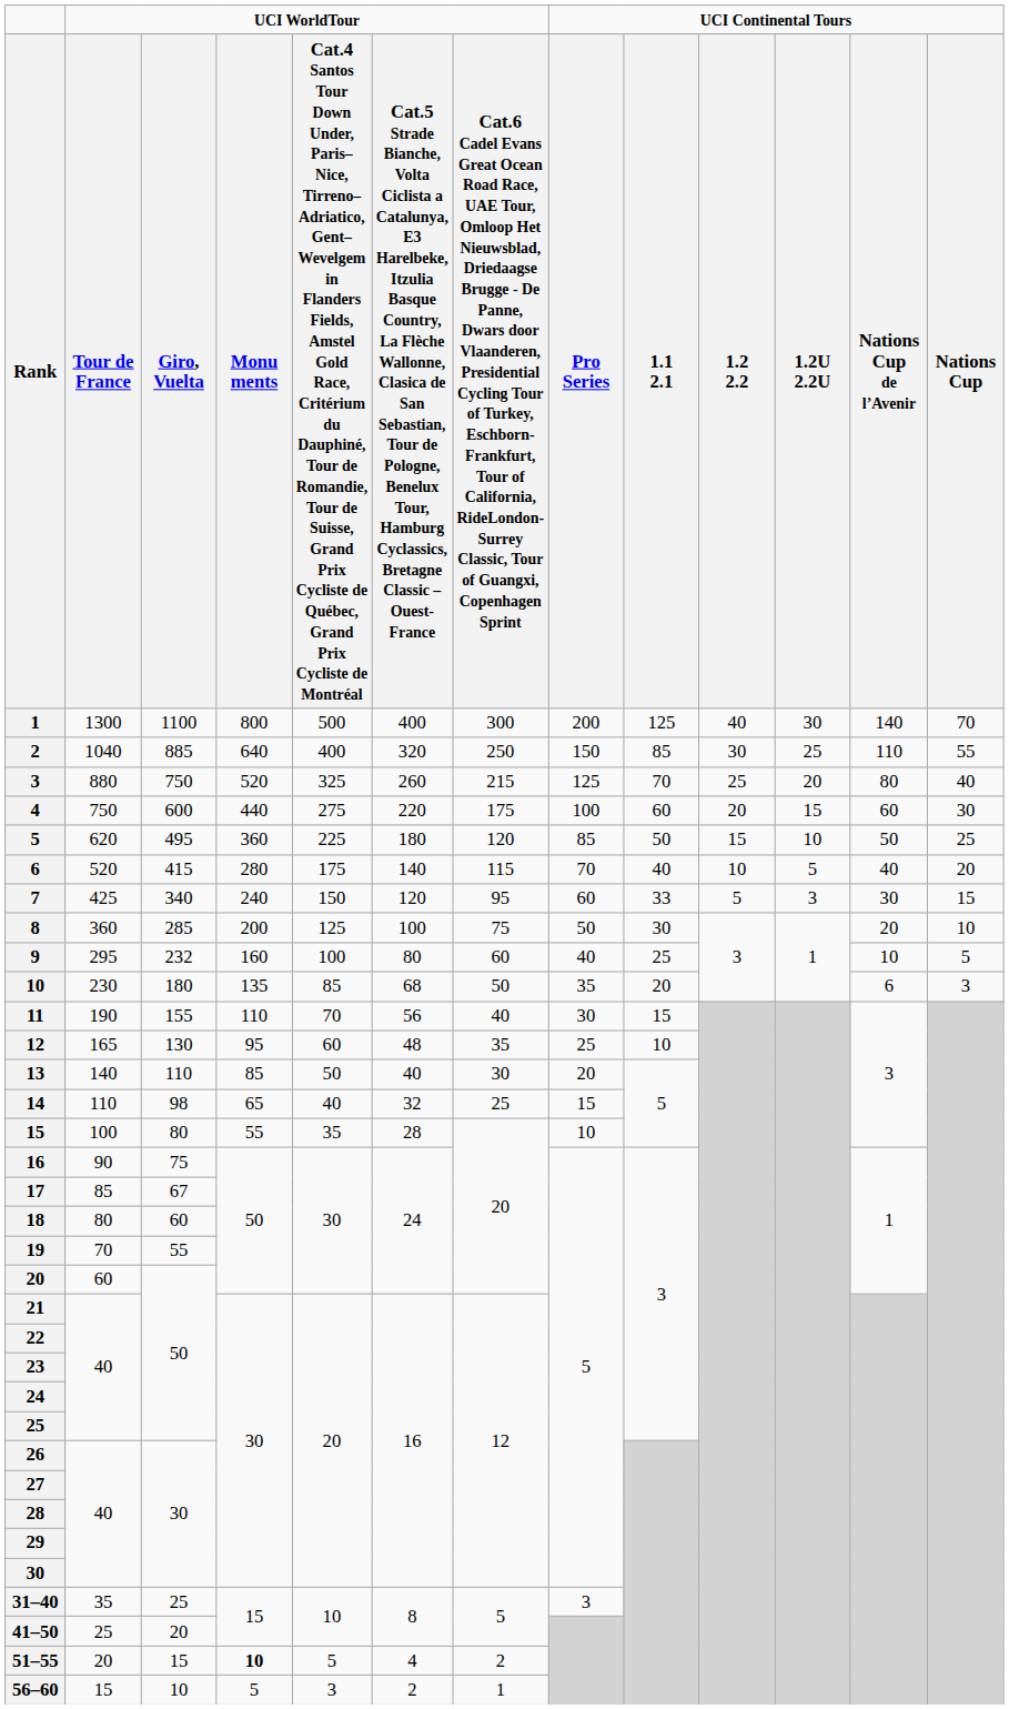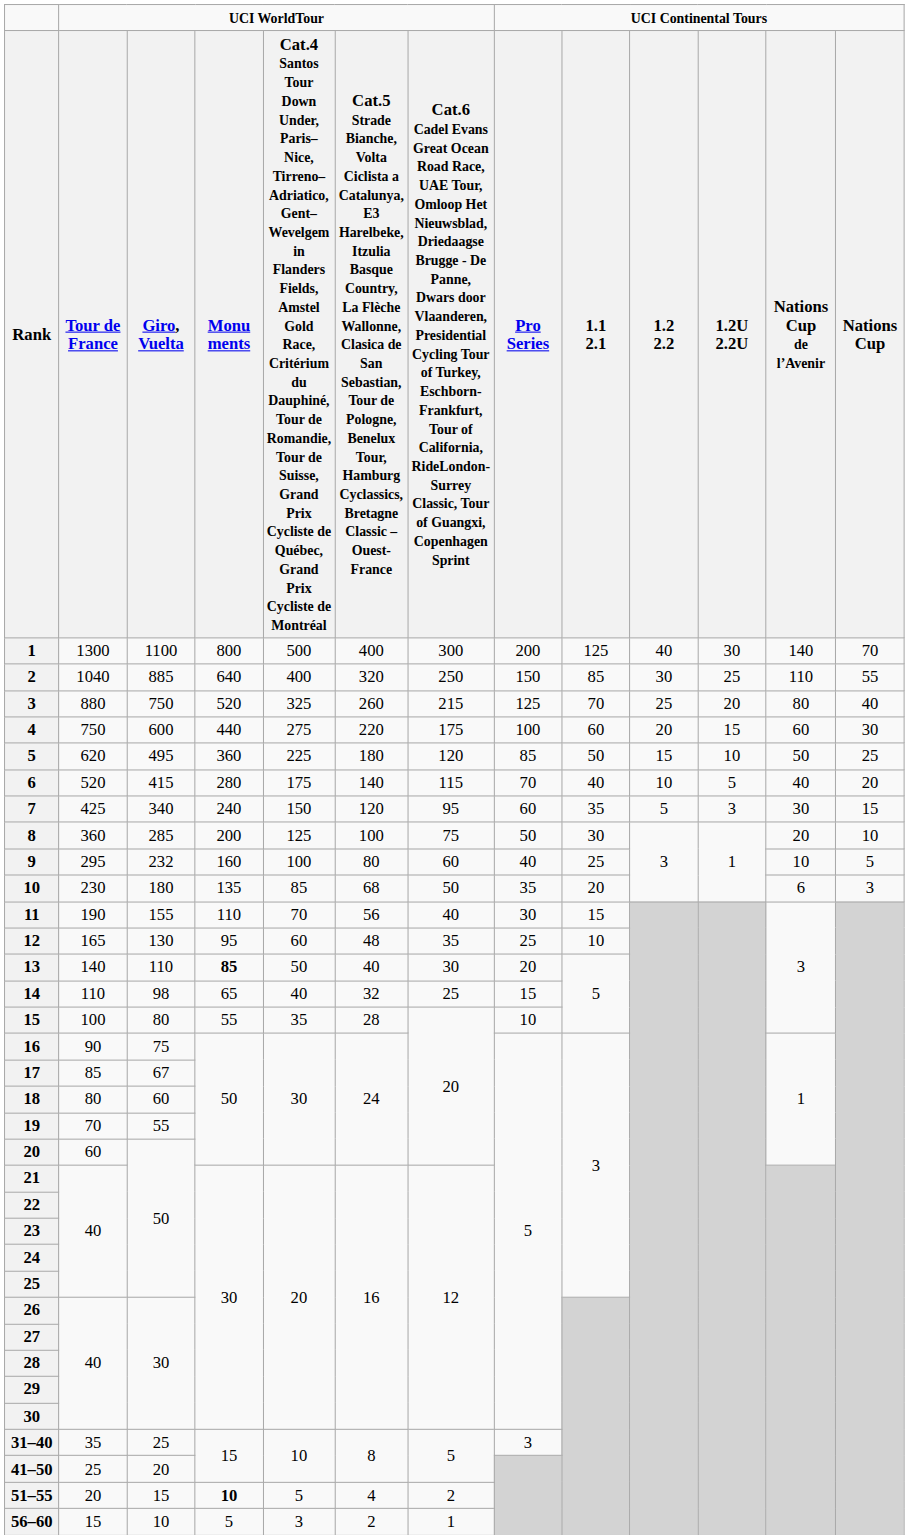 <table class="wikitable">
 <tr>
 <td></td>
 <td colspan=6 style="text-align:center"><small><strong>UCI WorldTour</strong></small></td>
 <td colspan=6 style="text-align:center"><small><strong>UCI Continental Tours</strong></small></td>
 </tr>
 <tr>
 <th width=45px>Rank</th>
 <th width=58px><a href='#'>Tour de<br>France</a></th>
 <th width=58px><a href='#'>Giro</a>,<br><a href='#'>Vuelta</a></th>
 <th width=58px><a href='#'>Monu<br>ments</a></th>
 <th width=58px>Cat.4<br><small> Santos Tour Down Under, Paris–Nice, Tirreno–Adriatico, Gent–Wevelgem in Flanders Fields, Amstel Gold Race, Critérium du Dauphiné, Tour de Romandie, Tour de Suisse, Grand Prix Cycliste de Québec, Grand Prix Cycliste de Montréal </small></th>
 <th width=58px>Cat.5<br><small> Strade Bianche, Volta Ciclista a Catalunya, E3 Harelbeke, Itzulia Basque Country, La Flèche Wallonne, Clasica de San Sebastian, Tour de Pologne, Benelux Tour, Hamburg Cyclassics, Bretagne Classic – Ouest-France </small></th>
 <th width=58px>Cat.6<br><small> Cadel Evans Great Ocean Road Race, UAE Tour, Omloop Het Nieuwsblad, Driedaagse Brugge - De Panne, Dwars door Vlaanderen, Presidential Cycling Tour of Turkey, Eschborn-Frankfurt, Tour of California, RideLondon-Surrey Classic, Tour of Guangxi, Copenhagen Sprint </small></th>
 <th width=58px><a href='#'>Pro<br>Series</a></th>
 <th width=58px>1.1<br>2.1</th>
 <th width=58px>1.2<br>2.2</th>
 <th width=58px>1.2U<br>2.2U</th>
 <th width=60px>Nations<br>Cup<br><small>de l’Avenir</small></th>
 <th width=58px>Nations<br>Cup</th>
 </tr>
 <tr style="text-align:center">
 <th>1</th>
 <td>1300</td>
 <td>1100</td>
 <td>800</td>
 <td>500</td>
 <td>400</td>
 <td>300</td>
 <td>200</td>
 <td>125</td>
 <td>40</td>
 <td>30</td>
 <td>140</td>
 <td>70</td>
 </tr>
 <tr style="text-align:center">
 <th>2</th>
 <td>1040</td>
 <td>885</td>
 <td>640</td>
 <td>400</td>
 <td>320</td>
 <td>250</td>
 <td>150</td>
 <td>85</td>
 <td>30</td>
 <td>25</td>
 <td>110</td>
 <td>55</td>
 </tr>
 <tr style="text-align:center">
 <th>3</th>
 <td>880</td>
 <td>750</td>
 <td>520</td>
 <td>325</td>
 <td>260</td>
 <td>215</td>
 <td>125</td>
 <td>70</td>
 <td>25</td>
 <td>20</td>
 <td>80</td>
 <td>40</td>
 </tr>
 <tr style="text-align:center">
 <th>4</th>
 <td>750</td>
 <td>600</td>
 <td>440</td>
 <td>275</td>
 <td>220</td>
 <td>175</td>
 <td>100</td>
 <td>60</td>
 <td>20</td>
 <td>15</td>
 <td>60</td>
 <td>30</td>
 </tr>
 <tr style="text-align:center">
 <th>5</th>
 <td>620</td>
 <td>495</td>
 <td>360</td>
 <td>225</td>
 <td>180</td>
 <td>120</td>
 <td>85</td>
 <td>50</td>
 <td>15</td>
 <td>10</td>
 <td>50</td>
 <td>25</td>
 </tr>
 <tr style="text-align:center">
 <th>6</th>
 <td>520</td>
 <td>415</td>
 <td>280</td>
 <td>175</td>
 <td>140</td>
 <td>115</td>
 <td>70</td>
 <td>40</td>
 <td>10</td>
 <td>5</td>
 <td>40</td>
 <td>20</td>
 </tr>
 <tr style="text-align:center">
 <th>7</th>
 <td>425</td>
 <td>340</td>
 <td>240</td>
 <td>150</td>
 <td>120</td>
 <td>95</td>
 <td>60</td>
-<td>33</td>
+<td>35</td>
 <td>5</td>
 <td>3</td>
 <td>30</td>
 <td>15</td>
 </tr>
 <tr style="text-align:center">
 <th>8</th>
 <td>360</td>
 <td>285</td>
 <td>200</td>
 <td>125</td>
 <td>100</td>
 <td>75</td>
 <td>50</td>
 <td>30</td>
 <td rowspan=3>3</td>
 <td rowspan=3>1</td>
 <td>20</td>
 <td>10</td>
 </tr>
 <tr style="text-align:center">
 <th>9</th>
 <td>295</td>
 <td>232</td>
 <td>160</td>
 <td>100</td>
 <td>80</td>
 <td>60</td>
 <td>40</td>
 <td>25</td>
 <td>10</td>
 <td>5</td>
 </tr>
 <tr style="text-align:center">
 <th>10</th>
 <td>230</td>
 <td>180</td>
 <td>135</td>
 <td>85</td>
 <td>68</td>
 <td>50</td>
 <td>35</td>
 <td>20</td>
 <td>6</td>
 <td>3</td>
 </tr>
 <tr style="text-align:center">
 <th>11</th>
 <td>190</td>
 <td>155</td>
 <td>110</td>
 <td>70</td>
 <td>56</td>
 <td>40</td>
 <td>30</td>
 <td>15</td>
 <td style="background:lightgrey;" rowspan=24></td>
 <td style="background:lightgrey;" rowspan=24></td>
 <td rowspan=5>3</td>
 <td style="background:lightgrey;" rowspan=24></td>
 </tr>
 <tr style="text-align:center">
 <th>12</th>
 <td>165</td>
 <td>130</td>
 <td>95</td>
 <td>60</td>
 <td>48</td>
 <td>35</td>
 <td>25</td>
 <td>10</td>
 </tr>
 <tr style="text-align:center">
 <th>13</th>
 <td>140</td>
 <td>110</td>
-<td>85</td>
+<td><strong>85</strong></td>
 <td>50</td>
 <td>40</td>
 <td>30</td>
 <td>20</td>
 <td rowspan=3>5</td>
 </tr>
 <tr style="text-align:center">
 <th>14</th>
 <td>110</td>
 <td>98</td>
 <td>65</td>
 <td>40</td>
 <td>32</td>
 <td>25</td>
 <td>15</td>
 </tr>
 <tr style="text-align:center">
 <th>15</th>
 <td>100</td>
 <td>80</td>
 <td>55</td>
 <td>35</td>
 <td>28</td>
 <td rowspan=6>20</td>
 <td>10</td>
 </tr>
 <tr style="text-align:center">
 <th>16</th>
 <td>90</td>
 <td>75</td>
 <td rowspan=5>50</td>
 <td rowspan=5>30</td>
 <td rowspan=5>24</td>
 <td rowspan=15>5</td>
 <td rowspan=10>3</td>
 <td rowspan=5>1</td>
 </tr>
 <tr style="text-align:center">
 <th>17</th>
 <td>85</td>
 <td>67</td>
 </tr>
 <tr style="text-align:center">
 <th>18</th>
 <td>80</td>
 <td>60</td>
 </tr>
 <tr style="text-align:center">
 <th>19</th>
 <td>70</td>
 <td>55</td>
 </tr>
 <tr style="text-align:center">
 <th>20</th>
 <td>60</td>
 <td rowspan=6>50</td>
 </tr>
 <tr style="text-align:center">
 <th>21</th>
 <td rowspan=5>40</td>
 <td rowspan=10>30</td>
 <td rowspan=10>20</td>
 <td rowspan=10>16</td>
 <td rowspan=10>12</td>
 <td style="background:lightgrey;" rowspan=14></td>
 </tr>
 <tr style="text-align:center">
 <th>22</th>
 </tr>
 <tr style="text-align:center">
 <th>23</th>
 </tr>
 <tr style="text-align:center">
 <th>24</th>
 </tr>
 <tr style="text-align:center">
 <th>25</th>
 </tr>
 <tr style="text-align:center">
 <th>26</th>
 <td rowspan=5>40</td>
 <td rowspan=5>30</td>
 <td style="background:lightgrey;" rowspan=9></td>
 </tr>
 <tr style="text-align:center">
 <th>27</th>
 </tr>
 <tr style="text-align:center"!>
 <th>28</th>
 </tr>
 <tr style="text-align:center">
 <th>29</th>
 </tr>
 <tr style="text-align:center">
 <th>30</th>
 </tr>
 <tr style="text-align:center">
 <th>31–40</th>
 <td>35</td>
 <td>25</td>
 <td rowspan=2>15</td>
 <td rowspan=2>10</td>
 <td rowspan=2>8</td>
 <td rowspan=2>5</td>
 <td>3</td>
 </tr>
 <tr style="text-align:center">
 <th>41–50</th>
 <td>25</td>
 <td>20</td>
 <td style="background:lightgrey;" rowspan=3></td>
 </tr>
 <tr style="text-align:center">
 <th>51–55</th>
 <td>20</td>
 <td>15</td>
 <td><strong>10</strong></td>
 <td>5</td>
 <td>4</td>
 <td>2</td>
 </tr>
 <tr style="text-align:center">
 <th>56–60</th>
 <td>15</td>
 <td>10</td>
 <td>5</td>
 <td>3</td>
 <td>2</td>
 <td>1</td>
 </tr>
 </table>
